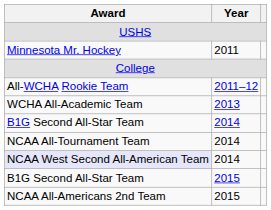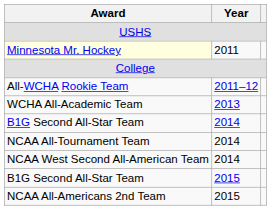 <table class="wikitable">
 <tr>
 <th>Award</th>
 <th>Year</th>
 <th></th>
 </tr>
 <tr ALIGN="center" bgcolor="#e0e0e0">
 <td colspan="3"><a href='#'>USHS</a></td>
 </tr>
 <tr>
-<td><a href='#'>Minnesota Mr. Hockey</a></td>
+<td style="background: lightyellow;"><a href='#'>Minnesota Mr. Hockey</a></td>
 <td>2011</td>
 <td></td>
 </tr>
 <tr ALIGN="center" bgcolor="#e0e0e0">
 <td colspan="3"><a href='#'>College</a></td>
 </tr>
 <tr>
 <td>All-<a href='#'>WCHA</a> <a href='#'>Rookie Team</a></td>
 <td><a href='#'>2011–12</a></td>
 <td></td>
 </tr>
 <tr>
 <td>WCHA All-Academic Team</td>
 <td><a href='#'>2013</a></td>
 <td></td>
 </tr>
 <tr>
 <td><a href='#'>B1G</a> Second All-Star Team</td>
 <td><a href='#'>2014</a></td>
 <td></td>
 </tr>
 <tr>
 <td>NCAA All-Tournament Team</td>
 <td>2014</td>
 <td></td>
 </tr>
 <tr>
-<td style="background: lavender;">NCAA West Second All-American Team</td>
+<td>NCAA West Second All-American Team</td>
 <td>2014</td>
 <td></td>
 </tr>
 <tr>
 <td>B1G Second All-Star Team</td>
 <td><a href='#'>2015</a></td>
 <td></td>
 </tr>
 <tr>
 <td>NCAA All-Americans 2nd Team</td>
 <td>2015</td>
 <td></td>
 </tr>
 </table>
